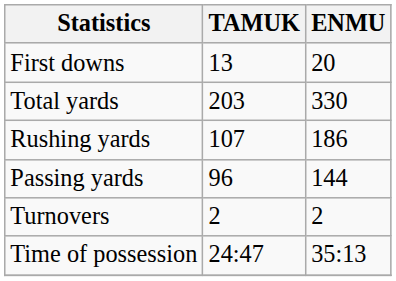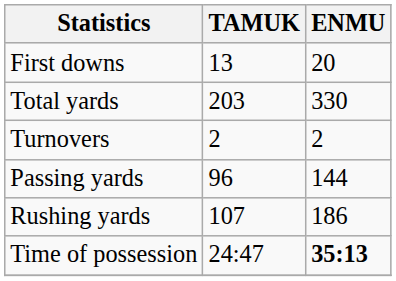 <table class="wikitable">
 <tr>
 <th>Statistics</th>
 <th>TAMUK</th>
 <th>ENMU</th>
 </tr>
 <tr>
 <td>First downs</td>
 <td>13</td>
 <td>20</td>
 </tr>
 <tr>
 <td>Total yards</td>
 <td>203</td>
 <td>330</td>
 </tr>
 <tr>
-<td>Rushing yards</td>
-<td>107</td>
-<td>186</td>
+<td>Turnovers</td>
+<td>2</td>
+<td>2</td>
 </tr>
 <tr>
 <td>Passing yards</td>
 <td>96</td>
 <td>144</td>
 </tr>
 <tr>
-<td>Turnovers</td>
-<td>2</td>
-<td>2</td>
+<td>Rushing yards</td>
+<td>107</td>
+<td>186</td>
 </tr>
 <tr>
 <td>Time of possession</td>
 <td>24:47</td>
-<td>35:13</td>
+<td><strong>35:13</strong></td>
 </tr>
 <tr>
 </tr>
 </table>
